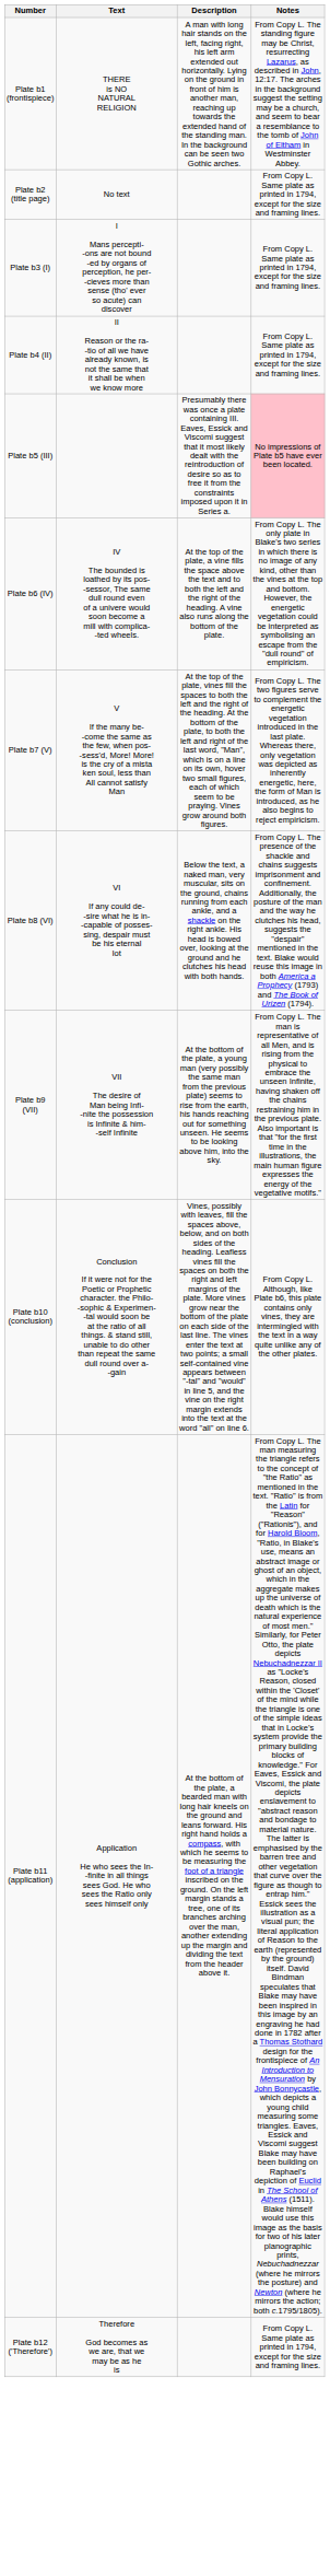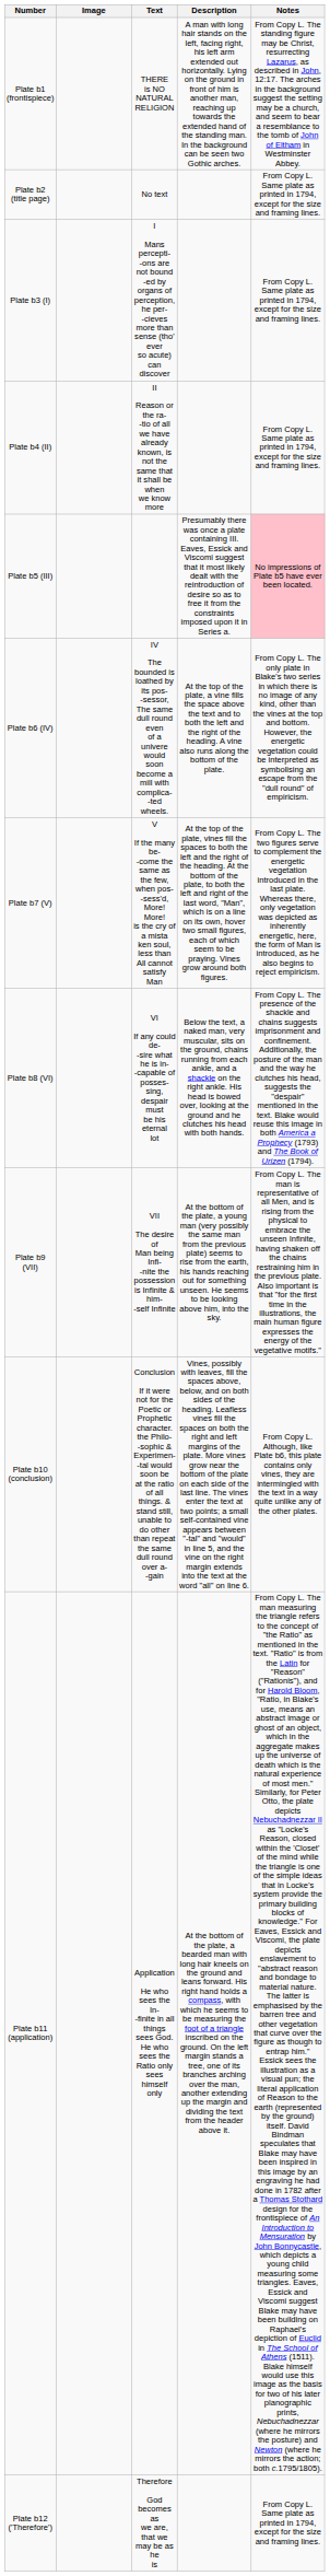 <table style="text-align:center; width:100%" class="wikitable">
 <tr>
 <th width=8%>Number</th>
+<th width=305px>Image</th>
 <th>Text</th>
 <th width=23%>Description</th>
 <th width=23%>Notes</th>
 </tr>
 <tr>
 <td width=auto>Plate b1 (frontispiece)</td>
+<td></td>
 <td>THERE<br>is NO<br>NATURAL<br>RELIGION</td>
 <td>A man with long hair stands on the left, facing right, his left arm extended out horizontally. Lying on the ground in front of him is another man, reaching up towards the extended hand of the standing man. In the background can be seen two Gothic arches.</td>
 <td>From Copy L. The standing figure may be Christ, resurrecting <a href='#'>Lazarus</a>, as described in <a href='#'>John</a>, 12:17. The arches in the background suggest the setting may be a church, and seem to bear a resemblance to the tomb of <a href='#'>John of Eltham</a> in Westminster Abbey.</td>
 </tr>
 <tr>
 <td width=auto>Plate b2 (title page)</td>
+<td></td>
 <td>No text</td>
 <td></td>
 <td>From Copy L. Same plate as printed in 1794, except for the size and framing lines.</td>
 </tr>
 <tr>
 <td width=auto>Plate b3 (I)</td>
+<td></td>
 <td>I<br><br>Mans percepti-<br>-ons are not bound<br>-ed by organs of<br>perception, he per-<br>-cieves more than<br>sense (tho' ever<br>so acute) can<br>discover</td>
 <td></td>
 <td>From Copy L. Same plate as printed in 1794, except for the size and framing lines.</td>
 </tr>
 <tr>
 <td width=auto>Plate b4 (II)</td>
+<td></td>
 <td>II<br><br>Reason or the ra-<br>-tio of all we have<br>already known, is<br>not the same that<br>it shall be when<br>we know more</td>
 <td></td>
 <td>From Copy L. Same plate as printed in 1794, except for the size and framing lines.</td>
 </tr>
 <tr>
 <td width=auto>Plate b5 (III)</td>
 <td></td>
+<td></td>
 <td>Presumably there was once a plate containing III. Eaves, Essick and Viscomi suggest that it most likely dealt with the reintroduction of desire so as to free it from the constraints imposed upon it in Series a.</td>
 <td style="background: pink;">No impressions of Plate b5 have ever been located.</td>
 </tr>
 <tr>
 <td width=auto>Plate b6 (IV)</td>
+<td></td>
 <td>IV<br><br>The bounded is<br>loathed by its pos-<br>-sessor, The same<br>dull round even<br>of a univere would<br>soon become a<br>mill with complica-<br>-ted wheels.</td>
 <td>At the top of the plate, a vine fills the space above the text and to both the left and the right of the heading. A vine also runs along the bottom of the plate.</td>
 <td>From Copy L. The only plate in Blake's two series in which there is no image of any kind, other than the vines at the top and bottom. However, the energetic vegetation could be interpreted as symbolising an escape from the "dull round" of empiricism.</td>
 </tr>
 <tr>
 <td width=auto>Plate b7 (V)</td>
+<td></td>
 <td>V<br><br>If the many be-<br>-come the same as<br>the few, when pos-<br>-sess'd, More! More!<br>is the cry of a mista<br>ken soul, less than<br>All cannot satisfy<br>Man</td>
 <td>At the top of the plate, vines fill the spaces to both the left and the right of the heading. At the bottom of the plate, to both the left and right of the last word, "Man", which is on a line on its own, hover two small figures, each of which seem to be praying. Vines grow around both figures.</td>
 <td>From Copy L. The two figures serve to complement the energetic vegetation introduced in the last plate. Whereas there, only vegetation was depicted as inherently energetic, here, the form of Man is introduced, as he also begins to reject empiricism.</td>
 </tr>
 <tr>
 <td width=auto>Plate b8 (VI)</td>
+<td></td>
 <td>VI<br><br>If any could de-<br>-sire what he is in-<br>-capable of posses-<br>sing, despair must<br>be his eternal<br>lot</td>
 <td>Below the text, a naked man, very muscular, sits on the ground, chains running from each ankle, and a <a href='#'>shackle</a> on the right ankle. His head is bowed over, looking at the ground and he clutches his head with both hands.</td>
 <td>From Copy L. The presence of the shackle and chains suggests imprisonment and confinement. Additionally, the posture of the man and the way he clutches his head, suggests the "despair" mentioned in the text. Blake would reuse this image in both <em><a href='#'>America a Prophecy</a></em> (1793) and <em><a href='#'>The Book of Urizen</a></em> (1794).</td>
 </tr>
 <tr>
 <td width=auto>Plate b9 (VII)</td>
+<td></td>
 <td>VII<br><br>The desire of<br>Man being Infi-<br>-nite the possession<br>is Infinite & him-<br>-self Infinite</td>
 <td>At the bottom of the plate, a young man (very possibly the same man from the previous plate) seems to rise from the earth, his hands reaching out for something unseen. He seems to be looking above him, into the sky.</td>
 <td>From Copy L. The man is representative of all Men, and is rising from the physical to embrace the unseen Infinite, having shaken off the chains restraining him in the previous plate. Also important is that "for the first time in the illustrations, the main human figure expresses the energy of the vegetative motifs."</td>
 </tr>
 <tr>
 <td width=auto>Plate b10 (conclusion)</td>
+<td></td>
 <td>Conclusion<br><br>If it were not for the<br>Poetic or Prophetic<br>character. the Philo-<br>-sophic & Experimen-<br>-tal would soon be<br>at the ratio of all<br>things. & stand still,<br>unable to do other<br>than repeat the same<br>dull round over a-<br>-gain</td>
 <td>Vines, possibly with leaves, fill the spaces above, below, and on both sides of the heading. Leafless vines fill the spaces on both the right and left margins of the plate. More vines grow near the bottom of the plate on each side of the last line. The vines enter the text at two points; a small self-contained vine appears between "-tal" and "would" in line 5, and the vine on the right margin extends into the text at the word "all" on line 6.</td>
 <td>From Copy L. Although, like Plate b6, this plate contains only vines, they are intermingled with the text in a way quite unlike any of the other plates.</td>
 </tr>
 <tr>
 <td width=auto>Plate b11 (application)</td>
+<td></td>
 <td>Application<br><br>He who sees the In-<br>-finite in all things<br>sees God. He who<br>sees the Ratio only<br>sees himself only</td>
 <td>At the bottom of the plate, a bearded man with long hair kneels on the ground and leans forward. His right hand holds a <a href='#'>compass</a>, with which he seems to be measuring the <a href='#'>foot of a triangle</a> inscribed on the ground. On the left margin stands a tree, one of its branches arching over the man, another extending up the margin and dividing the text from the header above it.</td>
 <td>From Copy L. The man measuring the triangle refers to the concept of "the Ratio" as mentioned in the text. "Ratio" is from the <a href='#'>Latin</a> for "Reason" ("Rationis"), and for <a href='#'>Harold Bloom</a>, "Ratio, in Blake's use, means an abstract image or ghost of an object, which in the aggregate makes up the universe of death which is the natural experience of most men." Similarly, for Peter Otto, the plate depicts <a href='#'>Nebuchadnezzar II</a> as "Locke's Reason, closed within the 'Closet' of the mind while the triangle is one of the simple ideas that in Locke’s system provide the primary building blocks of knowledge." For Eaves, Essick and Viscomi, the plate depicts enslavement to "abstract reason and bondage to material nature. The latter is emphasised by the barren tree and other vegetation that curve over the figure as though to entrap him." Essick sees the illustration as a visual pun; the literal application of Reason to the earth (represented by the ground) itself. David Bindman speculates that Blake may have been inspired in this image by an engraving he had done in 1782 after a <a href='#'>Thomas Stothard</a> design for the frontispiece of <em><a href='#'>An Introduction to Mensuration</a></em> by <a href='#'>John Bonnycastle</a>, which depicts a young child measuring some triangles. Eaves, Essick and Viscomi suggest Blake may have been building on Raphael's depiction of <a href='#'>Euclid</a> in <em><a href='#'>The School of Athens</a></em> (1511). Blake himself would use this image as the basis for two of his later planographic prints, <em>Nebuchadnezzar</em> (where he mirrors the posture) and <em><a href='#'>Newton</a></em> (where he mirrors the action; both <em>c.</em>1795/1805).</td>
 </tr>
 <tr>
 <td width=auto>Plate b12 ('Therefore')</td>
+<td></td>
 <td>Therefore<br><br>God becomes as<br>we are, that we<br>may be as he<br>is</td>
 <td></td>
 <td>From Copy L. Same plate as printed in 1794, except for the size and framing lines.</td>
 </tr>
 </table>
